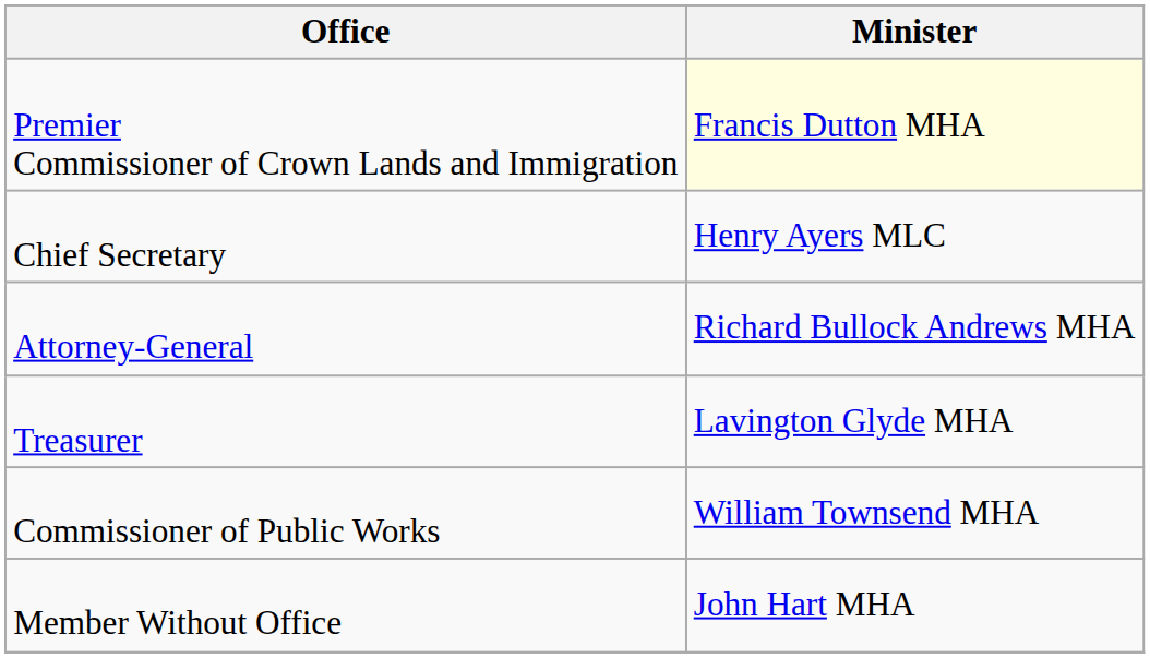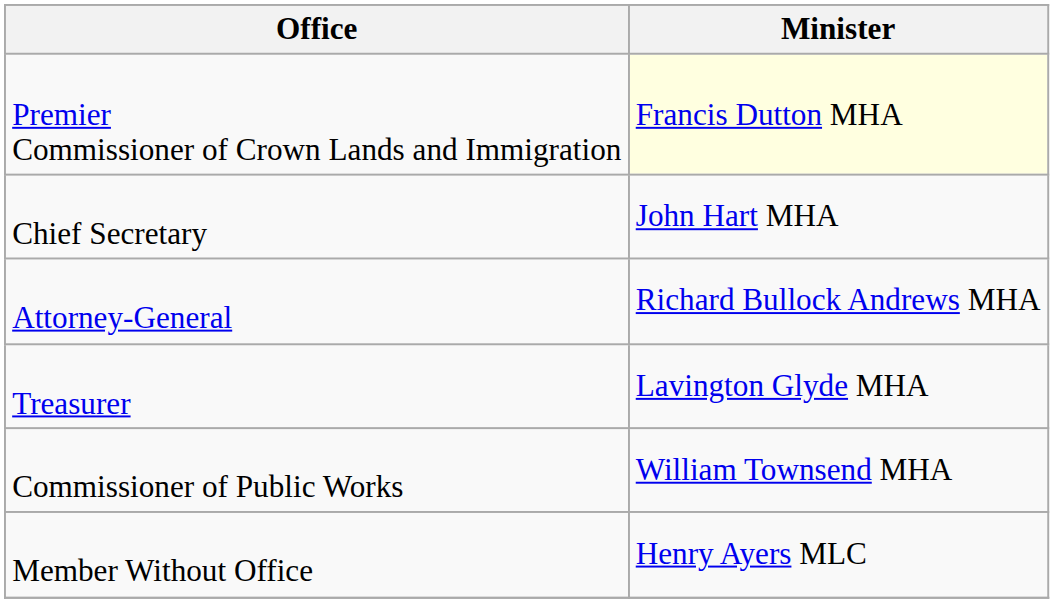 <table class="wikitable">
 <tr>
 <th>Office</th>
 <th>Minister</th>
 </tr>
 <tr>
 <td><br><a href='#'>Premier</a><br> Commissioner of Crown Lands and Immigration</td>
 <td style="background: lightyellow;"><a href='#'>Francis Dutton</a> MHA</td>
 </tr>
 <tr>
 <td><br>Chief Secretary</td>
-<td><a href='#'>Henry Ayers</a> MLC</td>
+<td><a href='#'>John Hart</a> MHA</td>
 </tr>
 <tr>
 <td><br><a href='#'>Attorney-General</a></td>
 <td><a href='#'>Richard Bullock Andrews</a> MHA</td>
 </tr>
 <tr>
 <td><br><a href='#'>Treasurer</a></td>
 <td><a href='#'>Lavington Glyde</a> MHA</td>
 </tr>
 <tr>
 <td><br>Commissioner of Public Works<br></td>
 <td><a href='#'>William Townsend</a> MHA</td>
 </tr>
 <tr>
 <td><br>Member Without Office<br></td>
-<td><a href='#'>John Hart</a> MHA</td>
+<td><a href='#'>Henry Ayers</a> MLC</td>
 </tr>
 <tr>
 </tr>
 </table>
